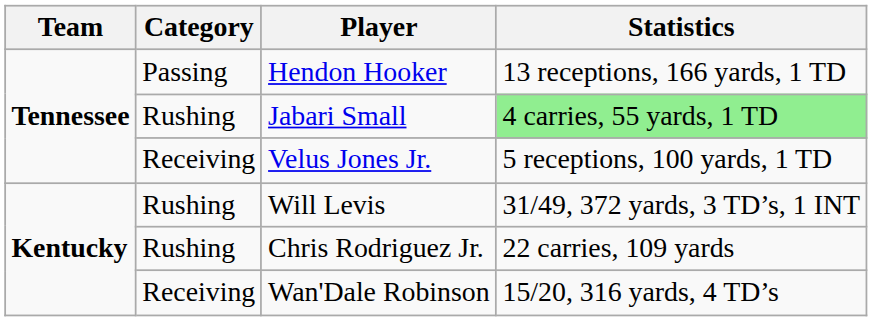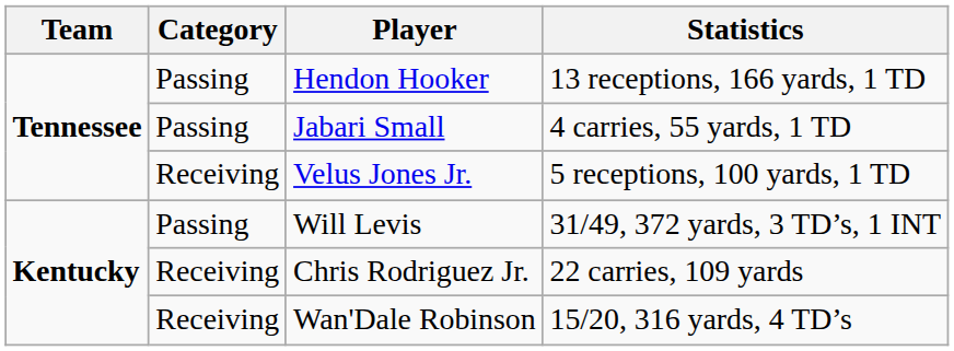 <table class="wikitable" style="float: right;">
 <tr>
 <th>Team</th>
 <th>Category</th>
 <th>Player</th>
 <th>Statistics</th>
 </tr>
 <tr>
 <td rowspan=3><strong>Tennessee</strong></td>
 <td>Passing</td>
 <td><a href='#'>Hendon Hooker</a></td>
 <td>13 receptions, 166 yards, 1 TD</td>
 </tr>
 <tr>
-<td>Rushing</td>
+<td>Passing</td>
 <td><a href='#'>Jabari Small</a></td>
-<td style="background: lightgreen;">4 carries, 55 yards, 1 TD</td>
+<td>4 carries, 55 yards, 1 TD</td>
 </tr>
 <tr>
 <td>Receiving</td>
 <td><a href='#'>Velus Jones Jr.</a></td>
 <td>5 receptions, 100 yards, 1 TD</td>
 </tr>
 <tr>
 <td rowspan=3><strong>Kentucky</strong></td>
-<td>Rushing</td>
+<td>Passing</td>
 <td>Will Levis</td>
 <td>31/49, 372 yards, 3 TD’s, 1 INT</td>
 </tr>
 <tr>
-<td>Rushing</td>
+<td>Receiving</td>
 <td>Chris Rodriguez Jr.</td>
 <td>22 carries, 109 yards</td>
 </tr>
 <tr>
 <td>Receiving</td>
 <td>Wan'Dale Robinson</td>
 <td>15/20, 316 yards, 4 TD’s</td>
 </tr>
 </table>
